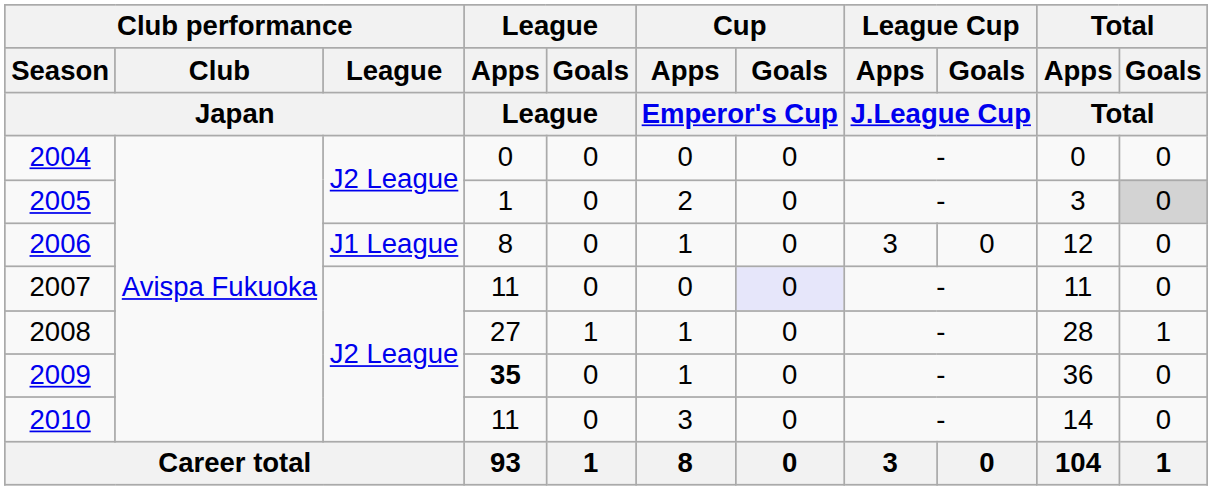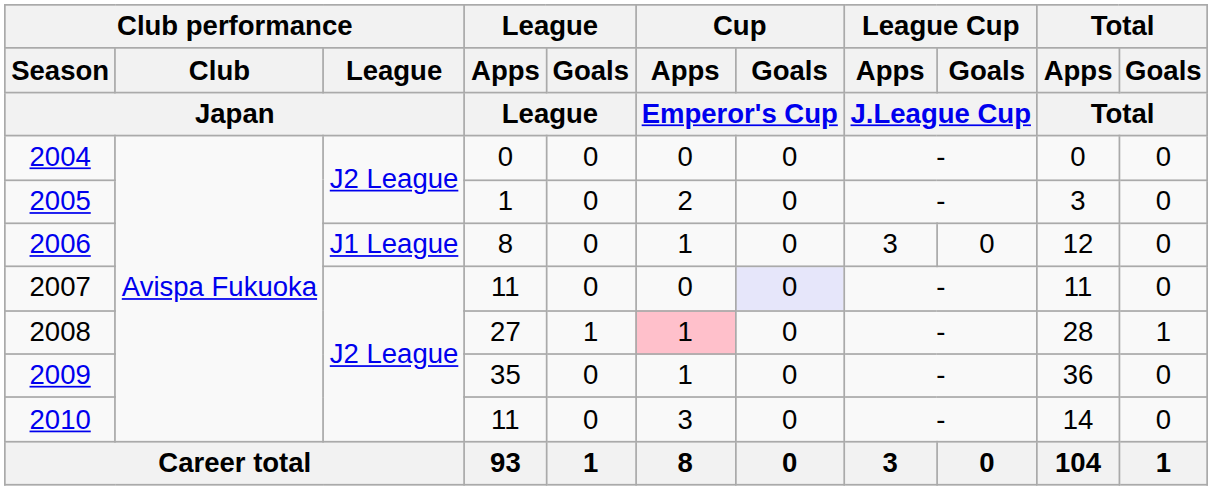 <table class="wikitable" style="text-align:center">
 <tr>
 <th colspan=3>Club performance</th>
 <th colspan=2>League</th>
 <th colspan=2>Cup</th>
 <th colspan=2>League Cup</th>
 <th colspan=2>Total</th>
 </tr>
 <tr>
 <th>Season</th>
 <th>Club</th>
 <th>League</th>
 <th>Apps</th>
 <th>Goals</th>
 <th>Apps</th>
 <th>Goals</th>
 <th>Apps</th>
 <th>Goals</th>
 <th>Apps</th>
 <th>Goals</th>
 </tr>
 <tr>
 <th colspan=3>Japan</th>
 <th colspan=2>League</th>
 <th colspan=2><a href='#'>Emperor's Cup</a></th>
 <th colspan=2><a href='#'>J.League Cup</a></th>
 <th colspan=2>Total</th>
 </tr>
 <tr>
 <td><a href='#'>2004</a></td>
 <td rowspan="7"><a href='#'>Avispa Fukuoka</a></td>
 <td rowspan="2"><a href='#'>J2 League</a></td>
 <td>0</td>
 <td>0</td>
 <td>0</td>
 <td>0</td>
 <td colspan="2">-</td>
 <td>0</td>
 <td>0</td>
 </tr>
 <tr>
 <td><a href='#'>2005</a></td>
 <td>1</td>
 <td>0</td>
 <td>2</td>
 <td>0</td>
 <td colspan="2">-</td>
 <td>3</td>
-<td style="background: lightgrey;">0</td>
+<td>0</td>
 </tr>
 <tr>
 <td><a href='#'>2006</a></td>
 <td><a href='#'>J1 League</a></td>
 <td>8</td>
 <td>0</td>
 <td>1</td>
 <td>0</td>
 <td>3</td>
 <td>0</td>
 <td>12</td>
 <td>0</td>
 </tr>
 <tr>
 <td>2007</td>
 <td rowspan="4"><a href='#'>J2 League</a></td>
 <td>11</td>
 <td>0</td>
 <td>0</td>
 <td style="background: lavender;">0</td>
 <td colspan="2">-</td>
 <td>11</td>
 <td>0</td>
 </tr>
 <tr>
 <td>2008</td>
 <td>27</td>
 <td>1</td>
-<td>1</td>
+<td style="background: pink;">1</td>
 <td>0</td>
 <td colspan="2">-</td>
 <td>28</td>
 <td>1</td>
 </tr>
 <tr>
 <td><a href='#'>2009</a></td>
-<td><strong>35</strong></td>
+<td>35</td>
 <td>0</td>
 <td>1</td>
 <td>0</td>
 <td colspan="2">-</td>
 <td>36</td>
 <td>0</td>
 </tr>
 <tr>
 <td><a href='#'>2010</a></td>
 <td>11</td>
 <td>0</td>
 <td>3</td>
 <td>0</td>
 <td colspan="2">-</td>
 <td>14</td>
 <td>0</td>
 </tr>
 <tr>
 <th colspan=3>Career total</th>
 <th>93</th>
 <th>1</th>
 <th>8</th>
 <th>0</th>
 <th>3</th>
 <th>0</th>
 <th>104</th>
 <th>1</th>
 </tr>
 </table>
